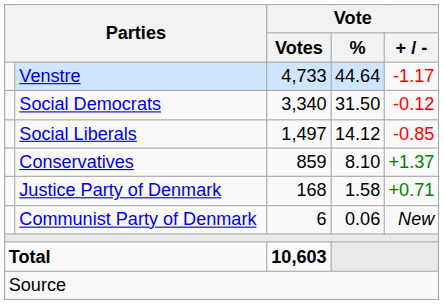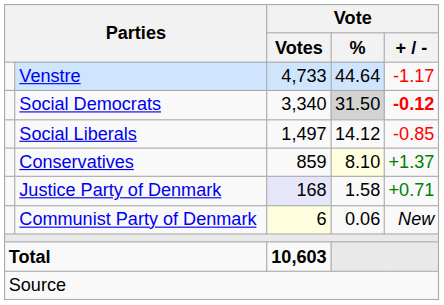 <table class="wikitable" style="text-align:right;">
 <tr>
 <th style="text-align:centre;" rowspan="2" colspan="2" width="225">Parties</th>
 <th colspan="3">Vote</th>
 </tr>
 <tr>
 <th width="15">Votes</th>
 <th width="15">%</th>
 <th width="15">+ / -</th>
 </tr>
 <tr>
 <td width="2" style="color:inherit;background:"></td>
 <td bgcolor=#cfe5fe  align="left"><a href='#'>Venstre</a></td>
 <td bgcolor=#cfe5fe>4,733</td>
 <td bgcolor=#cfe5fe>44.64</td>
 <td style=color:red;>-1.17</td>
 </tr>
 <tr>
 <td width="2" style="color:inherit;background:"></td>
 <td align="left"><a href='#'>Social Democrats</a></td>
 <td>3,340</td>
-<td>31.50</td>
-<td style=color:red;>-0.12</td>
+<td style="background: lightgrey;">31.50</td>
+<td style=color:red;><strong>-0.12</strong></td>
 </tr>
 <tr>
 <td width="2" style="color:inherit;background:"></td>
 <td align="left"><a href='#'>Social Liberals</a></td>
 <td>1,497</td>
 <td>14.12</td>
 <td style=color:red;>-0.85</td>
 </tr>
 <tr>
 <td width="2" style="color:inherit;background:"></td>
 <td align="left"><a href='#'>Conservatives</a></td>
 <td>859</td>
-<td>8.10</td>
+<td style="background: lightyellow;">8.10</td>
 <td style=color:green;>+1.37</td>
 </tr>
 <tr>
 <td width="2" style="color:inherit;background:"></td>
 <td align="left"><a href='#'>Justice Party of Denmark</a></td>
-<td>168</td>
+<td style="background: lavender;">168</td>
 <td>1.58</td>
 <td style=color:green;>+0.71</td>
 </tr>
 <tr>
 <td width="2" style="color:inherit;background:"></td>
 <td align="left"><a href='#'>Communist Party of Denmark</a></td>
-<td>6</td>
+<td style="background: lightyellow;">6</td>
 <td>0.06</td>
 <td><em>New</em></td>
 </tr>
 <tr>
 <td colspan="7" bgcolor="#E9E9E9"></td>
 </tr>
 <tr>
 <td align="left" colspan="2"><strong>Total</strong></td>
 <td><strong>10,603</strong></td>
 <td bgcolor="#E9E9E9" colspan="2"></td>
 </tr>
 <tr>
 <td align="left" colspan="6">Source</td>
 </tr>
 </table>
